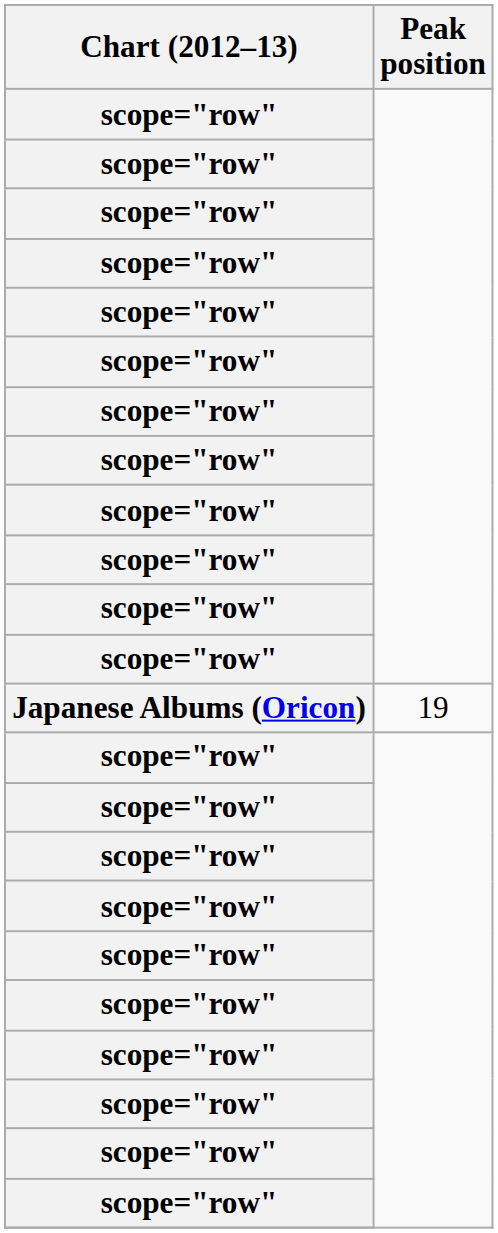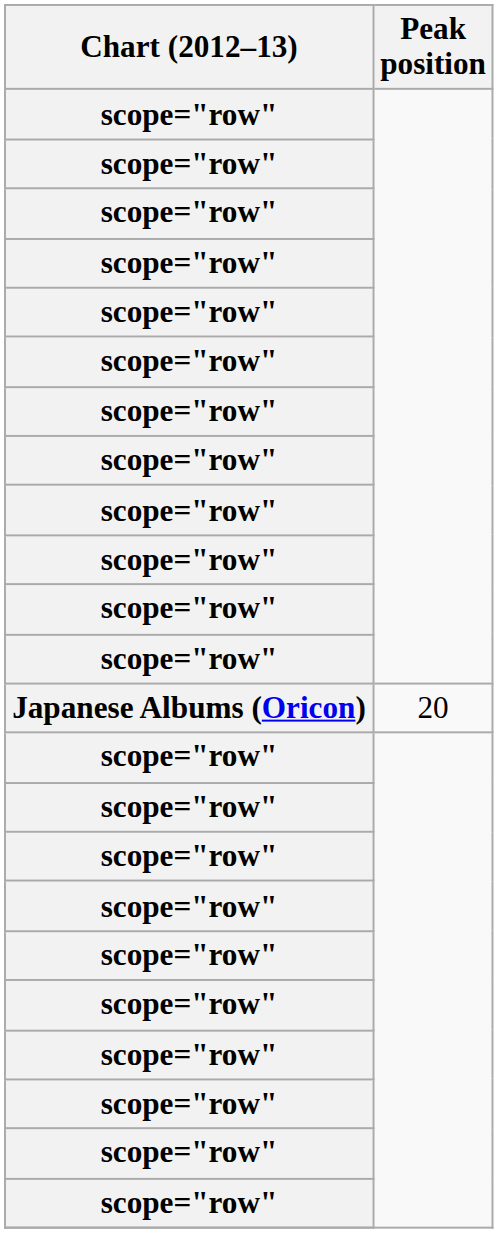 <table class="wikitable sortable plainrowheaders" style="text-align:center">
 <tr>
 <th>Chart (2012–13)</th>
 <th>Peak<br>position</th>
 </tr>
 <tr>
 <th>scope="row"</th>
 </tr>
 <tr>
 <th>scope="row"</th>
 </tr>
 <tr>
 <th>scope="row"</th>
 </tr>
 <tr>
 <th>scope="row"</th>
 </tr>
 <tr>
 <th>scope="row"</th>
 </tr>
 <tr>
 <th>scope="row"</th>
 </tr>
 <tr>
 <th>scope="row"</th>
 </tr>
 <tr>
 <th>scope="row"</th>
 </tr>
 <tr>
 <th>scope="row"</th>
 </tr>
 <tr>
 <th>scope="row"</th>
 </tr>
 <tr>
 <th>scope="row"</th>
 </tr>
 <tr>
 <th>scope="row"</th>
 </tr>
 <tr>
 <th scope="row">Japanese Albums (<a href='#'>Oricon</a>)</th>
-<td style="text-align:center;">19</td>
+<td style="text-align:center;">20</td>
 </tr>
 <tr>
 <th>scope="row"</th>
 </tr>
 <tr>
 <th>scope="row"</th>
 </tr>
 <tr>
 <th>scope="row"</th>
 </tr>
 <tr>
 <th>scope="row"</th>
 </tr>
 <tr>
 <th>scope="row"</th>
 </tr>
 <tr>
 <th>scope="row"</th>
 </tr>
 <tr>
 <th>scope="row"</th>
 </tr>
 <tr>
 <th>scope="row"</th>
 </tr>
 <tr>
 <th>scope="row"</th>
 </tr>
 <tr>
 <th>scope="row"</th>
 </tr>
 <tr>
 </tr>
 </table>
